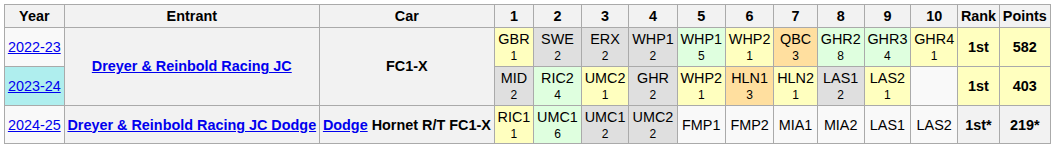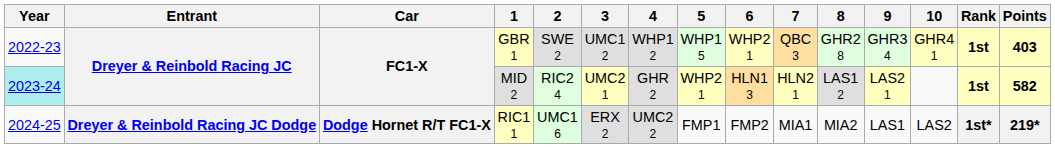 <table class="wikitable" style="text-align: center; font-size: 90%;">
 <tr>
 <th>Year</th>
 <th>Entrant</th>
 <th>Car</th>
 <th>1</th>
 <th>2</th>
 <th>3</th>
 <th>4</th>
 <th>5</th>
 <th>6</th>
 <th>7</th>
 <th>8</th>
 <th>9</th>
 <th>10</th>
 <th>Rank</th>
 <th>Points</th>
 </tr>
 <tr>
 <td><a href='#'>2022-23</a></td>
 <th rowspan=2><a href='#'>Dreyer & Reinbold Racing JC</a></th>
 <th rowspan=2>FC1-X</th>
 <td style="background:#FFFFBF;">GBR<br><small>1</small></td>
 <td style="background:#DFDFDF;">SWE<br><small>2</small></td>
-<td style="background:#DFDFDF;">ERX<br><small>2</small></td>
+<td style="background:#DFDFDF;">UMC1<br><small>2</small></td>
 <td style="background:#DFDFDF;">WHP1<br><small>2</small></td>
 <td style="background:#DFFFDF;">WHP1<br><small>5</small></td>
 <td style="background:#FFFFBF;">WHP2<br><small>1</small></td>
 <td style="background:#FFDF9F;">QBC<br><small>3</small></td>
 <td style="background:#DFFFDF;">GHR2<br><small>8</small></td>
 <td style="background:#DFFFDF;">GHR3<br><small>4</small></td>
 <td style="background:#FFFFBF;">GHR4<br><small>1</small></td>
 <th style="background:#FFFFBF;">1st</th>
-<th style="background:#FFFFBF;">582</th>
+<th style="background:#FFFFBF;">403</th>
 </tr>
 <tr>
 <td style="background: paleturquoise;"><a href='#'>2023-24</a></td>
 <td style="background:#DFDFDF;">MID<br><small>2</small></td>
 <td style="background:#DFFFDF;">RIC2<br><small>4</small></td>
 <td style="background:#FFFFBF;">UMC2<br><small>1</small></td>
 <td style="background:#DFDFDF;">GHR<br><small>2</small></td>
 <td style="background:#FFFFBF;">WHP2<br><small>1</small></td>
 <td style="background:#FFDF9F;">HLN1<br><small>3</small></td>
 <td style="background:#FFFFBF;">HLN2<br><small>1</small></td>
 <td style="background:#DFDFDF;">LAS1<br><small>2</small></td>
 <td style="background:#FFFFBF;">LAS2<br><small>1</small></td>
 <td></td>
 <th style="background:#FFFFBF;">1st</th>
-<th style="background:#FFFFBF;">403</th>
+<th style="background:#FFFFBF;">582</th>
 </tr>
 <tr>
 <td><a href='#'>2024-25</a></td>
 <th><a href='#'>Dreyer & Reinbold Racing JC Dodge</a></th>
 <th><a href='#'>Dodge</a> Hornet R/T FC1-X</th>
 <td style="background:#FFFFBF;">RIC1<br><small>1</small></td>
 <td style="background:#DFFFDF;">UMC1<br><small>6</small></td>
-<td style="background:#DFDFDF;">UMC1<br><small>2</small></td>
+<td style="background:#DFDFDF;">ERX<br><small>2</small></td>
 <td style="background:#DFDFDF;">UMC2<br><small>2</small></td>
 <td style="background:">FMP1<br><small></small></td>
 <td style="background:">FMP2<br><small></small></td>
 <td style="background:">MIA1<br><small></small></td>
 <td style="background:">MIA2<br><small></small></td>
 <td style="background:">LAS1<br><small></small></td>
 <td style="background:">LAS2<br><small></small></td>
 <th>1st*</th>
 <th>219*</th>
 </tr>
 <tr>
 </tr>
 </table>
